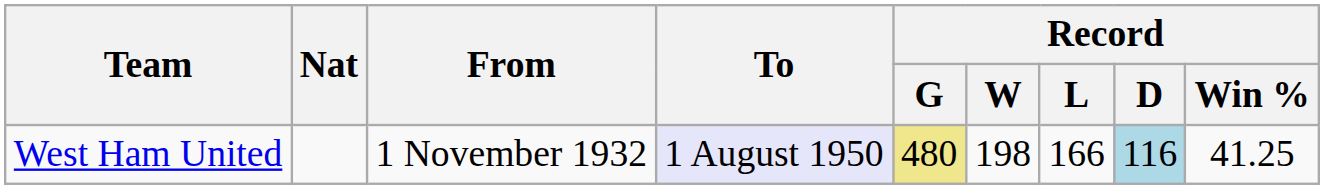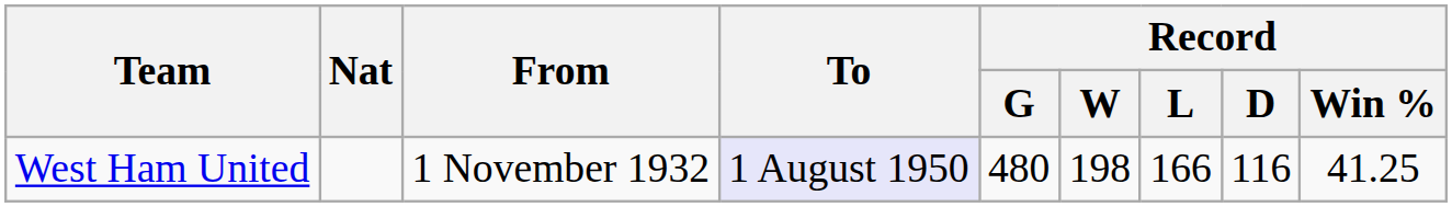 <table class="wikitable" style="text-align: center">
 <tr>
 <th rowspan="2">Team</th>
 <th rowspan="2">Nat</th>
 <th rowspan="2">From</th>
 <th rowspan="2">To</th>
 <th colspan="5">Record</th>
 </tr>
 <tr>
 <th>G</th>
 <th>W</th>
 <th>L</th>
 <th>D</th>
 <th>Win %</th>
 </tr>
 <tr>
 <td align=left><a href='#'>West Ham United</a></td>
 <td></td>
 <td align=left>1 November 1932</td>
 <td align=left style="background: lavender;">1 August 1950</td>
-<td style="background: khaki;">480</td>
+<td>480</td>
 <td>198</td>
 <td>166</td>
-<td style="background: lightblue;">116</td>
+<td>116</td>
 <td>41.25</td>
 </tr>
 </table>
